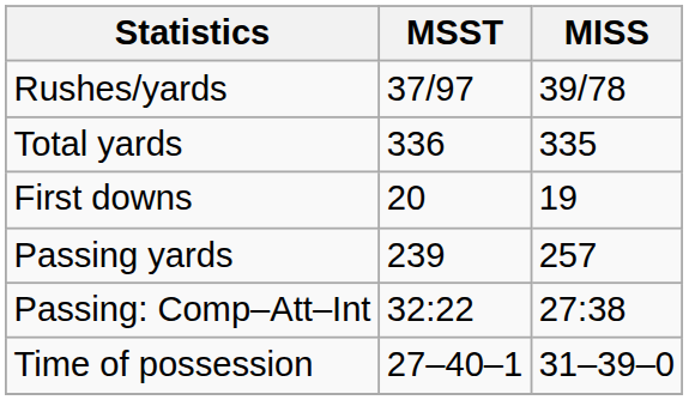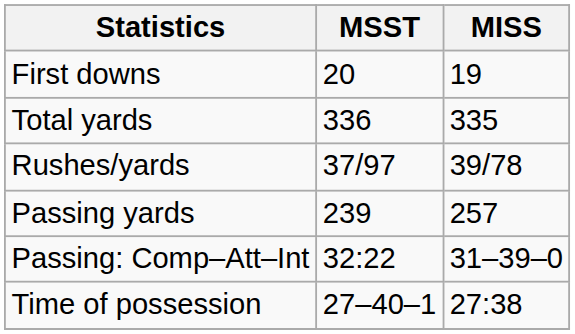 <table class="wikitable" style="float: left;">
 <tr>
 <th>Statistics</th>
 <th>MSST</th>
 <th>MISS</th>
 </tr>
 <tr>
-<td>Rushes/yards</td>
-<td>37/97</td>
-<td>39/78</td>
+<td>First downs</td>
+<td>20</td>
+<td>19</td>
 </tr>
 <tr>
 <td>Total yards</td>
 <td>336</td>
 <td>335</td>
 </tr>
 <tr>
-<td>First downs</td>
-<td>20</td>
-<td>19</td>
+<td>Rushes/yards</td>
+<td>37/97</td>
+<td>39/78</td>
 </tr>
 <tr>
 <td>Passing yards</td>
 <td>239</td>
 <td>257</td>
 </tr>
 <tr>
 <td>Passing: Comp–Att–Int</td>
 <td>32:22</td>
-<td>27:38</td>
+<td>31–39–0</td>
 </tr>
 <tr>
 <td>Time of possession</td>
 <td>27–40–1</td>
-<td>31–39–0</td>
+<td>27:38</td>
 </tr>
 <tr>
 </tr>
 </table>
